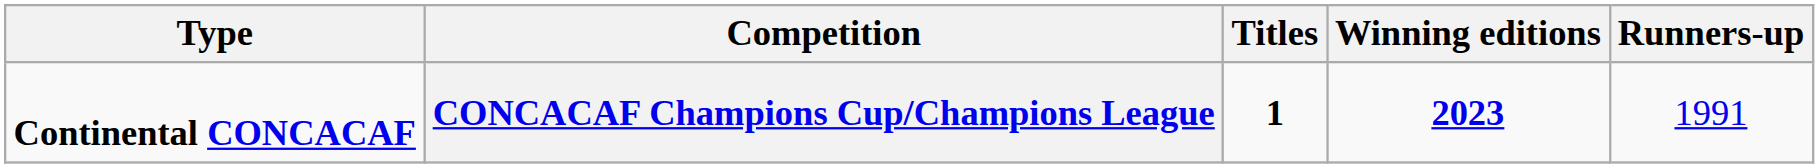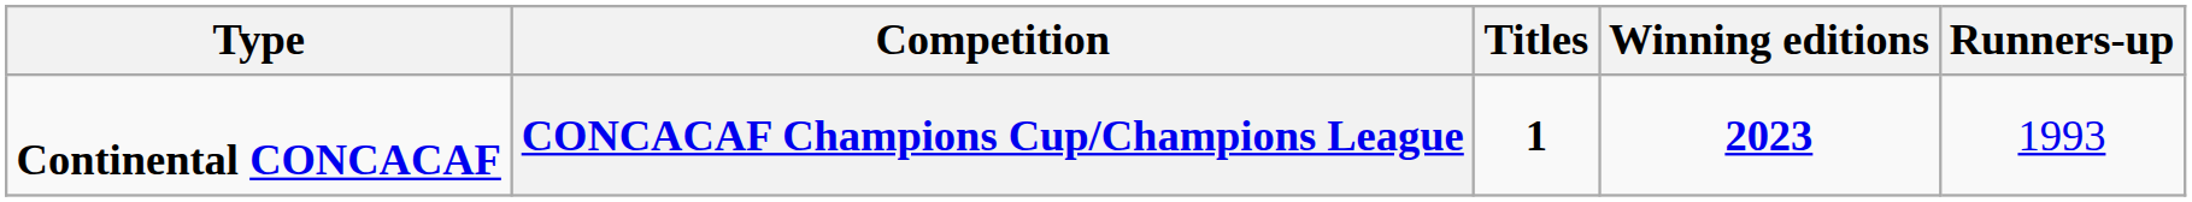 <table class="wikitable" style="text-align: center;">
 <tr>
 <th>Type</th>
 <th>Competition</th>
 <th>Titles</th>
 <th>Winning editions</th>
 <th>Runners-up</th>
 </tr>
 <tr>
 <td rowspan="1"><br><strong>Continental <a href='#'>CONCACAF</a></strong></td>
 <th scope=col><a href='#'>CONCACAF Champions Cup/Champions League</a></th>
 <td><strong>1</strong></td>
 <td><strong><a href='#'>2023</a></strong></td>
-<td><a href='#'>1991</a></td>
+<td><a href='#'>1993</a></td>
 </tr>
 </table>
